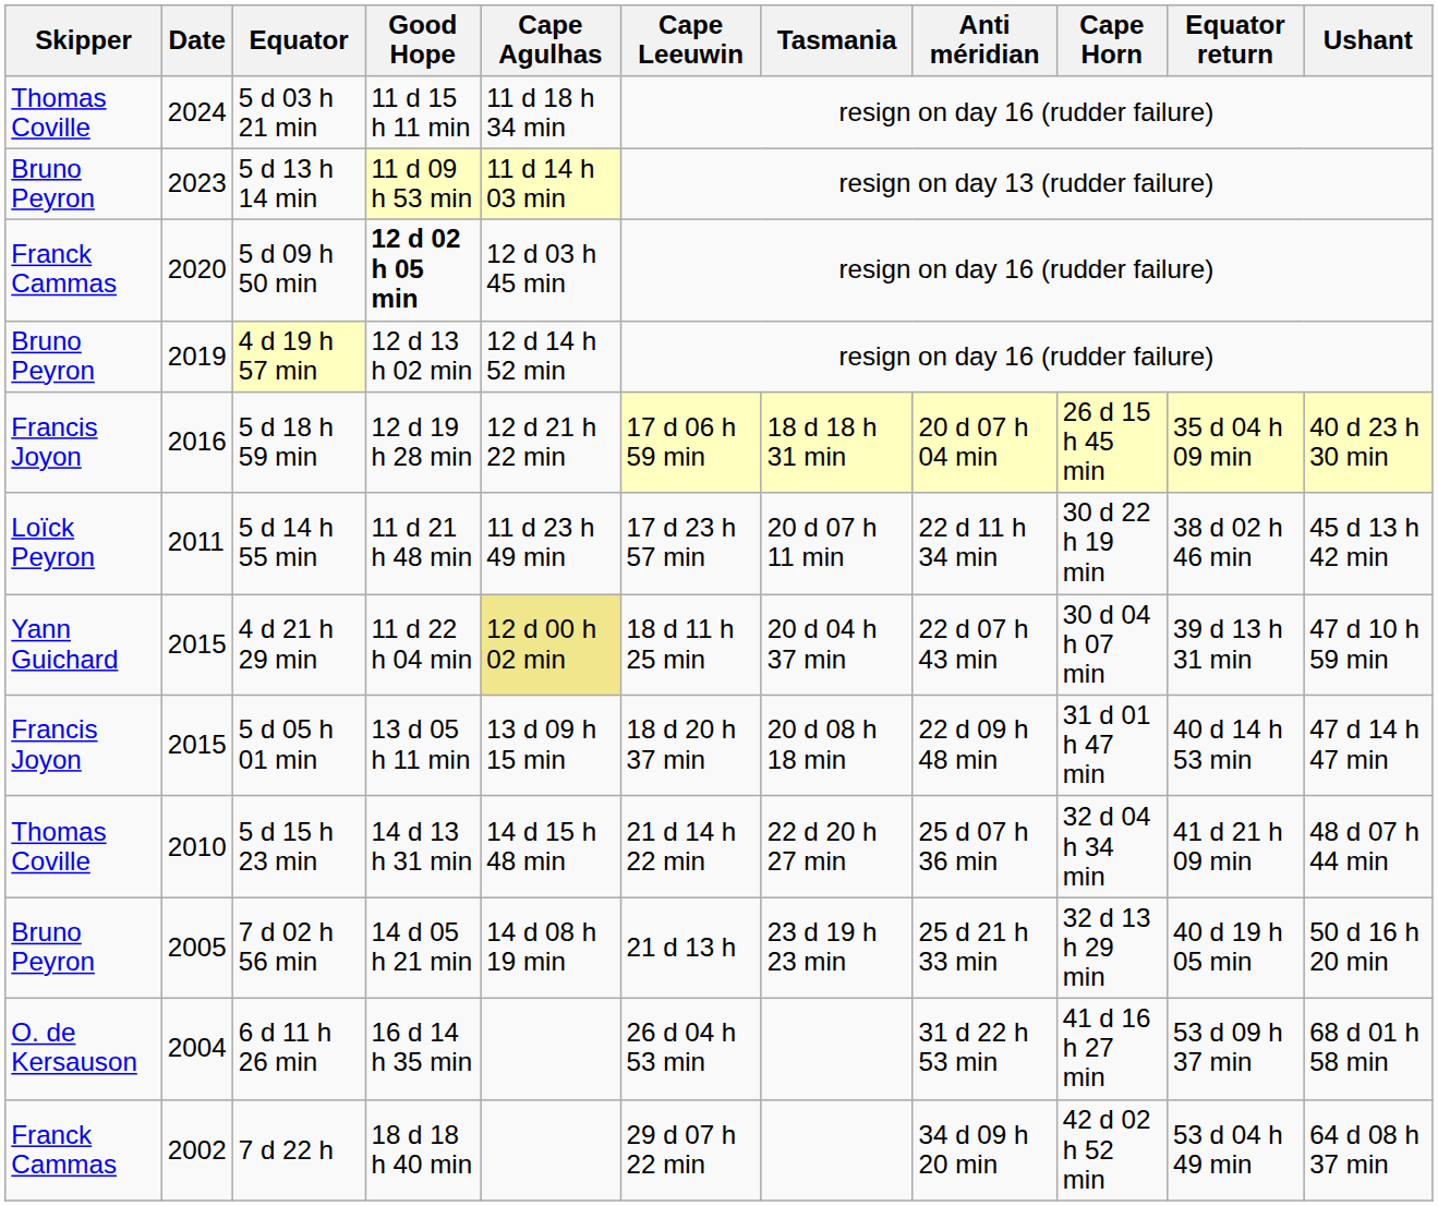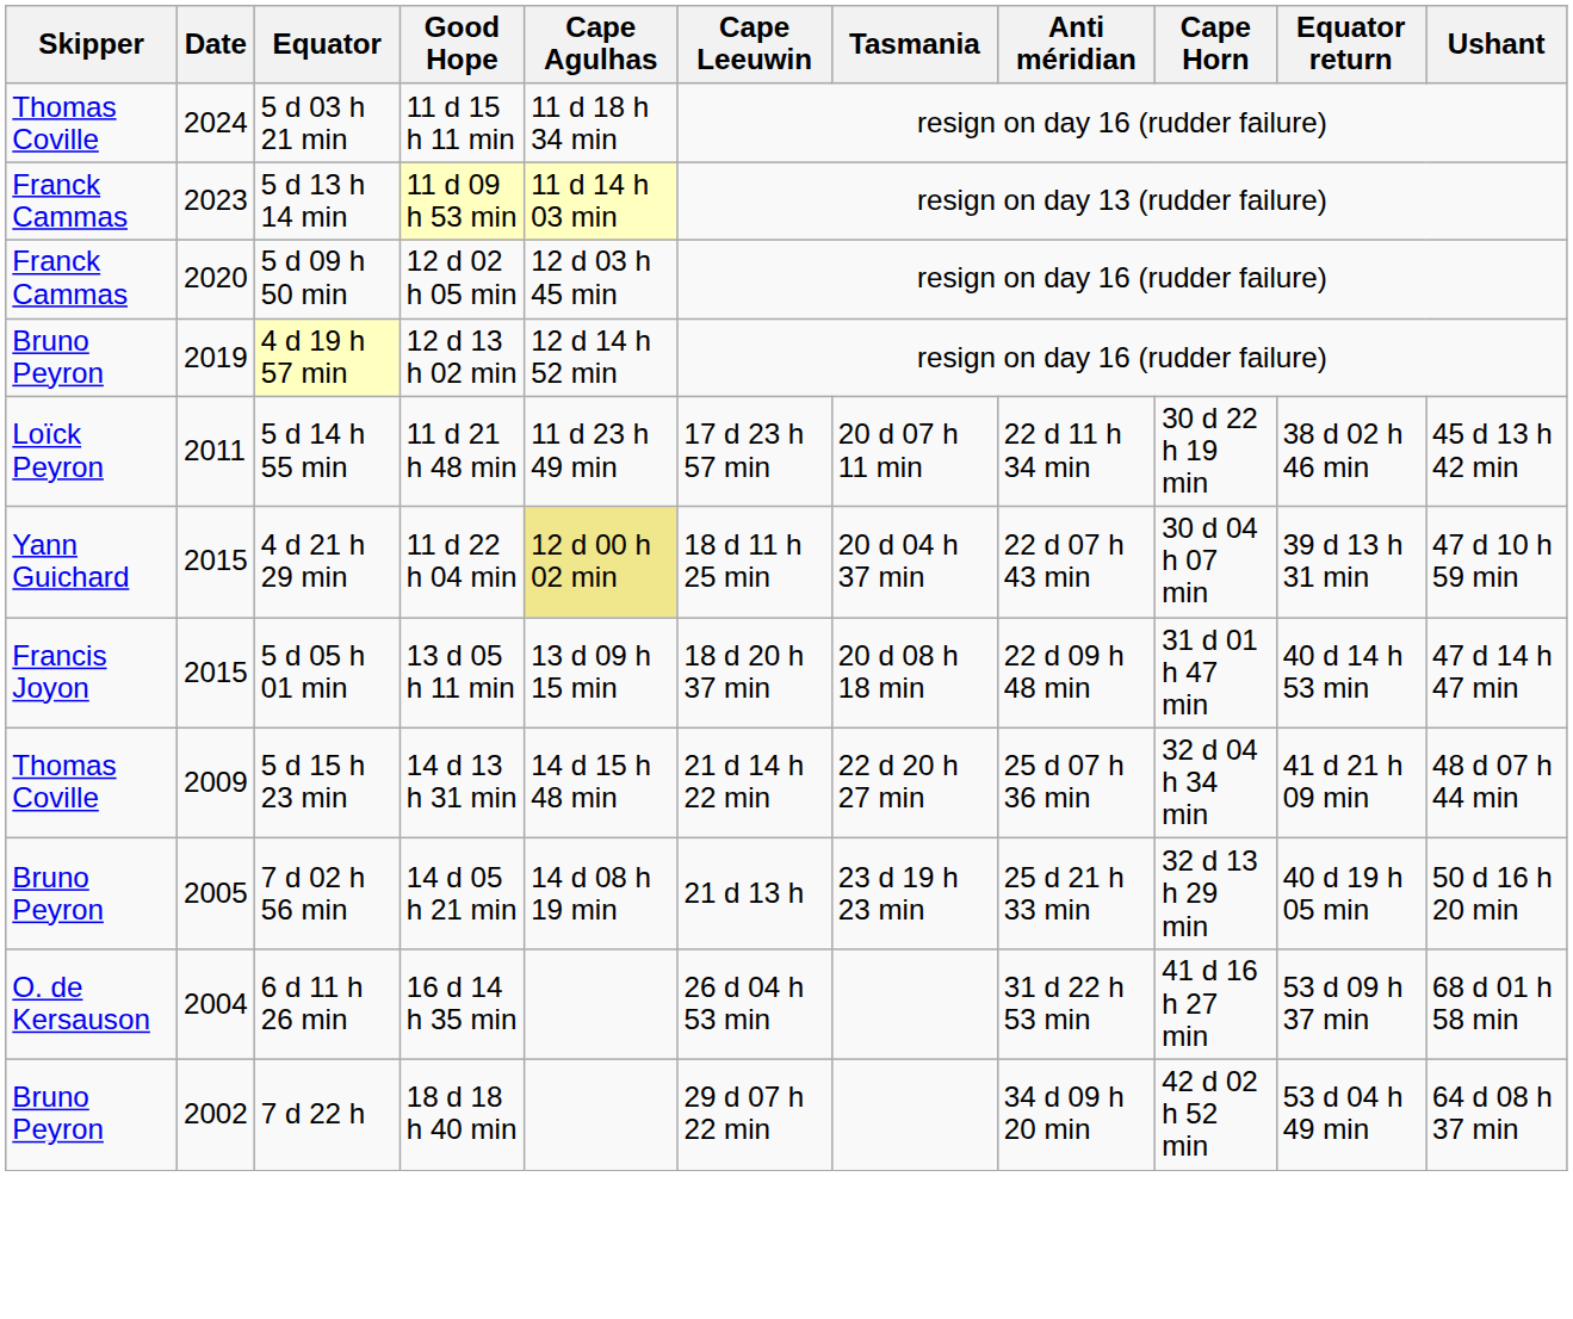 <table class="wikitable sortable ">
 <tr>
 <th>Skipper</th>
 <th>Date</th>
 <th>Equator</th>
 <th>Good<br>Hope</th>
 <th>Cape<br>Agulhas</th>
 <th>Cape<br>Leeuwin</th>
 <th>Tasmania</th>
 <th>Anti<br>méridian</th>
 <th>Cape Horn</th>
 <th>Equator<br>return</th>
 <th>Ushant</th>
 </tr>
 <tr>
 <td><a href='#'>Thomas Coville</a></td>
 <td>2024</td>
 <td>5 d 03 h 21 min</td>
 <td>11 d 15 h 11 min</td>
 <td>11 d 18 h 34 min</td>
 <td colspan="6" align="center">resign on day 16 (rudder failure)</td>
 </tr>
 <tr>
-<td><a href='#'>Bruno Peyron</a></td>
+<td><a href='#'>Franck Cammas</a></td>
 <td>2023</td>
 <td>5 d 13 h 14 min</td>
 <td style="background:#ffffbf;">11 d 09 h 53 min</td>
 <td style="background:#ffffbf;">11 d 14 h 03 min</td>
 <td colspan="6" align="center">resign on day 13 (rudder failure)</td>
 </tr>
 <tr>
 <td><a href='#'>Franck Cammas</a></td>
 <td>2020</td>
 <td>5 d 09 h 50 min</td>
-<td><strong>12 d 02 h 05 min</strong></td>
+<td>12 d 02 h 05 min</td>
 <td>12 d 03 h 45 min</td>
 <td colspan="6" align="center">resign on day 16 (rudder failure)</td>
 </tr>
 <tr>
 <td><a href='#'>Bruno Peyron</a></td>
 <td>2019</td>
 <td style="background:#ffffbf;">4 d 19 h 57 min</td>
 <td>12 d 13 h 02 min</td>
 <td>12 d 14 h 52 min</td>
 <td colspan="6" align="center">resign on day 16 (rudder failure)</td>
-</tr>
-<tr>
-<td><a href='#'>Francis Joyon</a></td>
-<td>2016</td>
-<td>5 d 18 h 59 min</td>
-<td>12 d 19 h 28 min</td>
-<td>12 d 21 h 22 min</td>
-<td style="background:#ffffbf;">17 d 06 h 59 min</td>
-<td style="background:#ffffbf;">18 d 18 h 31 min</td>
-<td style="background:#ffffbf;">20 d 07 h 04 min</td>
-<td style="background:#ffffbf;">26 d 15 h 45 min</td>
-<td style="background:#ffffbf;">35 d 04 h 09 min</td>
-<td style="background:#ffffbf;">40 d 23 h 30 min</td>
 </tr>
 <tr>
 <td><a href='#'>Loïck Peyron</a></td>
 <td>2011</td>
 <td>5 d 14 h 55 min</td>
 <td>11 d 21 h 48 min</td>
 <td>11 d 23 h 49 min</td>
 <td>17 d 23 h 57 min</td>
 <td>20 d 07 h 11 min</td>
 <td>22 d 11 h 34 min</td>
 <td>30 d 22 h 19 min</td>
 <td>38 d 02 h 46 min</td>
 <td>45 d 13 h 42 min</td>
 </tr>
 <tr>
 <td><a href='#'>Yann Guichard</a></td>
 <td>2015</td>
 <td>4 d 21 h 29 min</td>
 <td>11 d 22 h 04 min</td>
 <td style="background: khaki;">12 d 00 h 02 min</td>
 <td>18 d 11 h 25 min</td>
 <td>20 d 04 h 37 min</td>
 <td>22 d 07 h 43 min</td>
 <td>30 d 04 h 07 min</td>
 <td>39 d 13 h 31 min</td>
 <td>47 d 10 h 59 min</td>
 </tr>
 <tr>
 <td><a href='#'>Francis Joyon</a></td>
 <td>2015</td>
 <td>5 d 05 h 01 min</td>
 <td>13 d 05 h 11 min</td>
 <td>13 d 09 h 15 min</td>
 <td>18 d 20 h 37 min</td>
 <td>20 d 08 h 18 min</td>
 <td>22 d 09 h 48 min</td>
 <td>31 d 01 h 47 min</td>
 <td>40 d 14 h 53 min</td>
 <td>47 d 14 h 47 min</td>
 </tr>
 <tr>
 <td><a href='#'>Thomas Coville</a></td>
-<td>2010</td>
+<td>2009</td>
 <td>5 d 15 h 23 min</td>
 <td>14 d 13 h 31 min</td>
 <td>14 d 15 h 48 min</td>
 <td>21 d 14 h 22 min</td>
 <td>22 d 20 h 27 min</td>
 <td>25 d 07 h 36 min</td>
 <td>32 d 04 h 34 min</td>
 <td>41 d 21 h 09 min</td>
 <td>48 d 07 h 44 min</td>
 </tr>
 <tr>
 <td><a href='#'>Bruno Peyron</a></td>
 <td>2005</td>
 <td>7 d 02 h 56 min</td>
 <td>14 d 05 h 21 min</td>
 <td>14 d 08 h 19 min</td>
 <td>21 d 13 h</td>
 <td>23 d 19 h 23 min</td>
 <td>25 d 21 h 33 min</td>
 <td>32 d 13 h 29 min</td>
 <td>40 d 19 h 05 min</td>
 <td>50 d 16 h 20 min</td>
 </tr>
 <tr>
 <td><a href='#'>O. de Kersauson</a></td>
 <td>2004</td>
 <td>6 d 11 h 26 min</td>
 <td>16 d 14 h 35 min</td>
 <td></td>
 <td>26 d 04 h 53 min</td>
 <td></td>
 <td>31 d 22 h 53 min</td>
 <td>41 d 16 h 27 min</td>
 <td>53 d 09 h 37 min</td>
 <td>68 d 01 h 58 min</td>
 </tr>
 <tr>
-<td><a href='#'>Franck Cammas</a></td>
+<td><a href='#'>Bruno Peyron</a></td>
 <td>2002</td>
 <td>7 d 22 h</td>
 <td>18 d 18 h 40 min</td>
 <td></td>
 <td>29 d 07 h 22 min</td>
 <td></td>
 <td>34 d 09 h 20 min</td>
 <td>42 d 02 h 52 min</td>
 <td>53 d 04 h 49 min</td>
 <td>64 d 08 h 37 min</td>
 </tr>
 </table>
